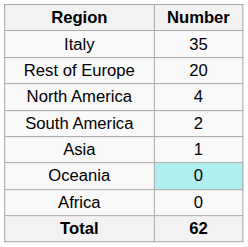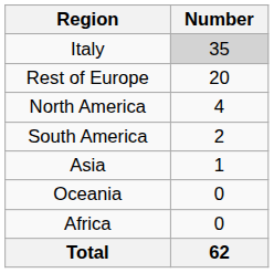 <table class="wikitable sortable" style="width:230px; float:right; margin:0 1em;">
 <tr>
 <th scope="col">Region</th>
 <th scope="col">Number</th>
 </tr>
 <tr>
 <td style="text-align:center" scope="row">Italy</td>
-<td style="text-align:center">35</td>
+<td style="background: lightgrey; text-align:center">35</td>
 </tr>
 <tr>
 <td style="text-align:center" scope="row" data-sort-value="Europe, Rest of">Rest of Europe</td>
 <td style="text-align:center">20</td>
 </tr>
 <tr>
 <td style="text-align:center" scope="row" data-sort-value="America, North">North America</td>
 <td style="text-align:center">4</td>
 </tr>
 <tr>
 <td style="text-align:center" scope="row" data-sort-value="America, South">South America</td>
 <td style="text-align:center">2</td>
 </tr>
 <tr>
 <td style="text-align:center" scope="row">Asia</td>
 <td style="text-align:center">1</td>
 </tr>
 <tr>
 <td style="text-align:center" scope="row">Oceania</td>
-<td style="background: paleturquoise; text-align:center">0</td>
+<td style="text-align:center">0</td>
 </tr>
 <tr>
 <td style="text-align:center" scope="row">Africa</td>
 <td style="text-align:center">0</td>
 </tr>
 <tr>
 <th scope="row">Total</th>
 <th>62</th>
 </tr>
 </table>
